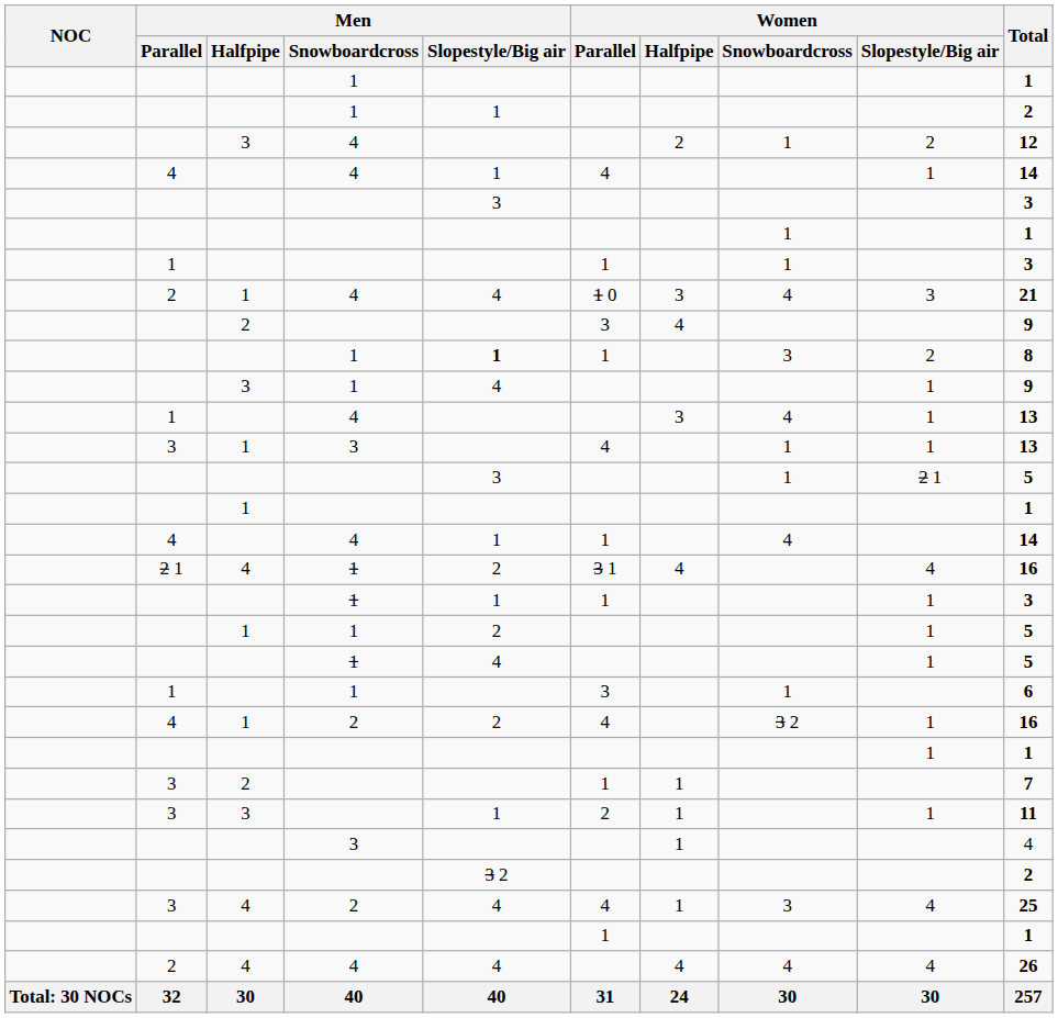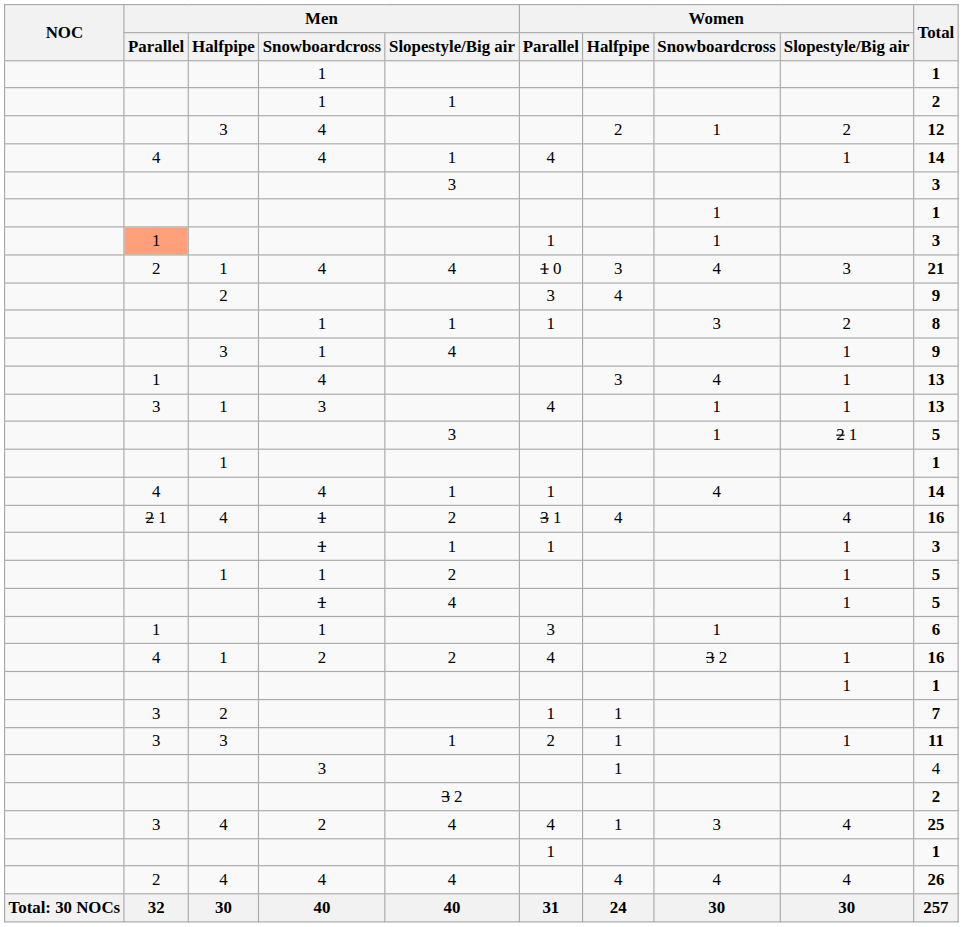 <table class="wikitable" style="text-align:center; font-size:90%">
 <tr>
 <th rowspan="2" align="center">NOC</th>
 <th colspan="4">Men</th>
 <th colspan="4">Women</th>
 <th rowspan="2">Total</th>
 </tr>
 <tr>
 <th>Parallel</th>
 <th>Halfpipe</th>
 <th>Snowboardcross</th>
 <th>Slopestyle/Big air</th>
 <th>Parallel</th>
 <th>Halfpipe</th>
 <th>Snowboardcross</th>
 <th>Slopestyle/Big air</th>
 </tr>
 <tr>
 <td align=left></td>
 <td></td>
 <td></td>
 <td>1</td>
 <td></td>
 <td></td>
 <td></td>
 <td></td>
 <td></td>
 <td><strong>1</strong></td>
 </tr>
 <tr>
 <td align=left></td>
 <td></td>
 <td></td>
 <td>1</td>
 <td>1</td>
 <td></td>
 <td></td>
 <td></td>
 <td></td>
 <td><strong>2</strong></td>
 </tr>
 <tr>
 <td align=left></td>
 <td></td>
 <td>3</td>
 <td>4</td>
 <td></td>
 <td></td>
 <td>2</td>
 <td>1</td>
 <td>2</td>
 <td><strong>12</strong></td>
 </tr>
 <tr>
 <td align=left></td>
 <td>4</td>
 <td></td>
 <td>4</td>
 <td>1</td>
 <td>4</td>
 <td></td>
 <td></td>
 <td>1</td>
 <td><strong>14</strong></td>
 </tr>
 <tr>
 <td align=left></td>
 <td></td>
 <td></td>
 <td></td>
 <td>3</td>
 <td></td>
 <td></td>
 <td></td>
 <td></td>
 <td><strong>3</strong></td>
 </tr>
 <tr>
 <td align=left></td>
 <td></td>
 <td></td>
 <td></td>
 <td></td>
 <td></td>
 <td></td>
 <td>1</td>
 <td></td>
 <td><strong>1</strong></td>
 </tr>
 <tr>
 <td align=left></td>
-<td>1</td>
+<td style="background: lightsalmon;">1</td>
 <td></td>
 <td></td>
 <td></td>
 <td>1</td>
 <td></td>
 <td>1</td>
 <td></td>
 <td><strong>3</strong></td>
 </tr>
 <tr>
 <td align=left></td>
 <td>2</td>
 <td>1</td>
 <td>4</td>
 <td>4</td>
 <td><s>1</s> 0</td>
 <td>3</td>
 <td>4</td>
 <td>3</td>
 <td><strong>21</strong></td>
 </tr>
 <tr>
 <td align=left></td>
 <td></td>
 <td>2</td>
 <td></td>
 <td></td>
 <td>3</td>
 <td>4</td>
 <td></td>
 <td></td>
 <td><strong>9</strong></td>
 </tr>
 <tr>
 <td align=left></td>
 <td></td>
 <td></td>
 <td>1</td>
-<td><strong>1</strong></td>
+<td>1</td>
 <td>1</td>
 <td></td>
 <td>3</td>
 <td>2</td>
 <td><strong>8</strong></td>
 </tr>
 <tr>
 <td align=left></td>
 <td></td>
 <td>3</td>
 <td>1</td>
 <td>4</td>
 <td></td>
 <td></td>
 <td></td>
 <td>1</td>
 <td><strong>9</strong></td>
 </tr>
 <tr>
 <td align=left></td>
 <td>1</td>
 <td></td>
 <td>4</td>
 <td></td>
 <td></td>
 <td>3</td>
 <td>4</td>
 <td>1</td>
 <td><strong>13</strong></td>
 </tr>
 <tr>
 <td align=left></td>
 <td>3</td>
 <td>1</td>
 <td>3</td>
 <td></td>
 <td>4</td>
 <td></td>
 <td>1</td>
 <td>1</td>
 <td><strong>13</strong></td>
 </tr>
 <tr>
 <td align=left></td>
 <td></td>
 <td></td>
 <td></td>
 <td>3</td>
 <td></td>
 <td></td>
 <td>1</td>
 <td><s>2</s> 1</td>
 <td><strong>5</strong></td>
 </tr>
 <tr>
 <td align=left></td>
 <td></td>
 <td>1</td>
 <td></td>
 <td></td>
 <td></td>
 <td></td>
 <td></td>
 <td></td>
 <td><strong>1</strong></td>
 </tr>
 <tr>
 <td align=left></td>
 <td>4</td>
 <td></td>
 <td>4</td>
 <td>1</td>
 <td>1</td>
 <td></td>
 <td>4</td>
 <td></td>
 <td><strong>14</strong></td>
 </tr>
 <tr>
 <td align=left></td>
 <td><s>2</s> 1</td>
 <td>4</td>
 <td><s>1</s></td>
 <td>2</td>
 <td><s>3</s> 1</td>
 <td>4</td>
 <td></td>
 <td>4</td>
 <td><strong>16</strong></td>
 </tr>
 <tr>
 <td align=left></td>
 <td></td>
 <td></td>
 <td><s>1</s></td>
 <td>1</td>
 <td>1</td>
 <td></td>
 <td></td>
 <td>1</td>
 <td><strong>3</strong></td>
 </tr>
 <tr>
 <td align=left></td>
 <td></td>
 <td>1</td>
 <td>1</td>
 <td>2</td>
 <td></td>
 <td></td>
 <td></td>
 <td>1</td>
 <td><strong>5</strong></td>
 </tr>
 <tr>
 <td align=left></td>
 <td></td>
 <td></td>
 <td><s>1</s></td>
 <td>4</td>
 <td></td>
 <td></td>
 <td></td>
 <td>1</td>
 <td><strong>5</strong></td>
 </tr>
 <tr>
 <td align=left></td>
 <td>1</td>
 <td></td>
 <td>1</td>
 <td></td>
 <td>3</td>
 <td></td>
 <td>1</td>
 <td></td>
 <td><strong>6</strong></td>
 </tr>
 <tr>
 <td align=left></td>
 <td>4</td>
 <td>1</td>
 <td>2</td>
 <td>2</td>
 <td>4</td>
 <td></td>
 <td><s>3</s> 2</td>
 <td>1</td>
 <td><strong>16</strong></td>
 </tr>
 <tr>
 <td align=left></td>
 <td></td>
 <td></td>
 <td></td>
 <td></td>
 <td></td>
 <td></td>
 <td></td>
 <td>1</td>
 <td><strong>1</strong></td>
 </tr>
 <tr>
 <td align=left></td>
 <td>3</td>
 <td>2</td>
 <td></td>
 <td></td>
 <td>1</td>
 <td>1</td>
 <td></td>
 <td></td>
 <td><strong>7</strong></td>
 </tr>
 <tr>
 <td align=left></td>
 <td>3</td>
 <td>3</td>
 <td></td>
 <td>1</td>
 <td>2</td>
 <td>1</td>
 <td></td>
 <td>1</td>
 <td><strong>11</strong></td>
 </tr>
 <tr>
 <td align=left></td>
 <td></td>
 <td></td>
 <td>3</td>
 <td></td>
 <td></td>
 <td>1</td>
 <td></td>
 <td></td>
 <td>4</td>
 </tr>
 <tr>
 <td align=left></td>
 <td></td>
 <td></td>
 <td></td>
 <td><s>3</s> 2</td>
 <td></td>
 <td></td>
 <td></td>
 <td></td>
 <td><strong>2</strong></td>
 </tr>
 <tr>
 <td align=left></td>
 <td>3</td>
 <td>4</td>
 <td>2</td>
 <td>4</td>
 <td>4</td>
 <td>1</td>
 <td>3</td>
 <td>4</td>
 <td><strong>25</strong></td>
 </tr>
 <tr>
 <td align=left></td>
 <td></td>
 <td></td>
 <td></td>
 <td></td>
 <td>1</td>
 <td></td>
 <td></td>
 <td></td>
 <td><strong>1</strong></td>
 </tr>
 <tr>
 <td align=left></td>
 <td>2</td>
 <td>4</td>
 <td>4</td>
 <td>4</td>
 <td></td>
 <td>4</td>
 <td>4</td>
 <td>4</td>
 <td><strong>26</strong></td>
 </tr>
 <tr>
 <th>Total: 30 NOCs</th>
 <th>32</th>
 <th>30</th>
 <th>40</th>
 <th>40</th>
 <th>31</th>
 <th>24</th>
 <th>30</th>
 <th>30</th>
 <th>257</th>
 </tr>
 </table>
